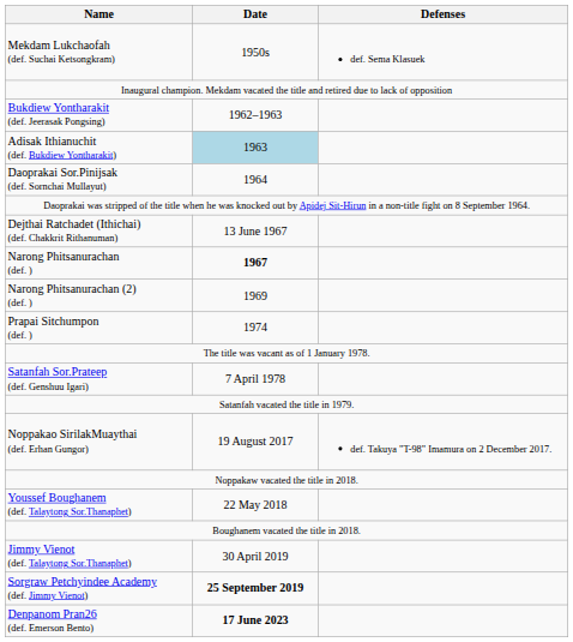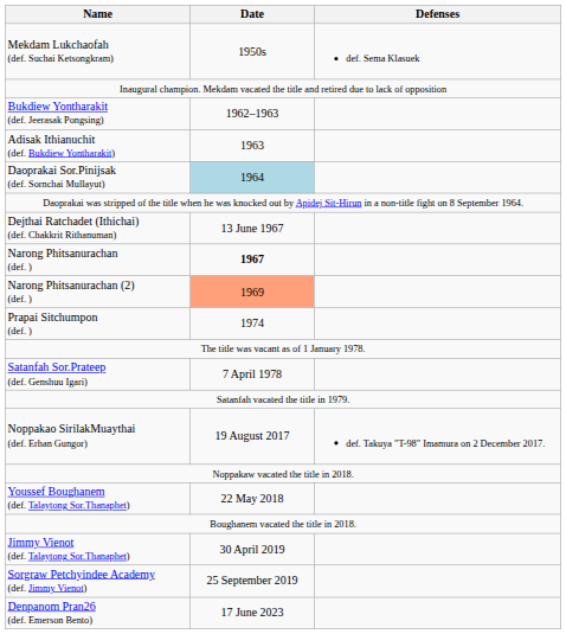 <table class="wikitable" width=60%>
 <tr>
 <th width=30%>Name</th>
 <th width=20%>Date</th>
 <th width=40%>Defenses</th>
 </tr>
 <tr>
 <td align=left> Mekdam Lukchaofah <br><small>(def. Suchai Ketsongkram)</small></td>
 <td align=center>1950s</td>
 <td><br><ul><li><small>def. Sema Klasuek</small></li></ul></td>
 </tr>
 <tr>
 <td colspan=4 align=center><small>Inaugural champion. Mekdam vacated the title and retired due to lack of opposition</small></td>
 </tr>
 <tr>
 <td align=left> <a href='#'>Bukdiew Yontharakit</a><br><small>(def. Jeerasak Pongsing)</small></td>
 <td align=center>1962–1963</td>
 <td></td>
 </tr>
 <tr>
 <td align=left> Adisak Ithianuchit<br><small>(def. <a href='#'>Bukdiew Yontharakit</a>)</small></td>
-<td align=center style="background: lightblue;">1963</td>
+<td align=center>1963</td>
 <td></td>
 </tr>
 <tr>
 <td align=left> Daoprakai Sor.Pinijsak<br><small>(def. Sornchai Mullayut)</small></td>
-<td align=center>1964</td>
+<td align=center style="background: lightblue;">1964</td>
 <td></td>
 </tr>
 <tr>
 <td colspan=4 align=center><small>Daoprakai was stripped of the title when he was knocked out by <a href='#'>Apidej Sit-Hirun</a> in a non-title fight on 8 September 1964.</small></td>
 </tr>
 <tr>
 <td align=left> Dejthai Ratchadet (Ithichai) <br><small>(def. Chakkrit Rithanuman)</small></td>
 <td align=center>13 June 1967</td>
 <td></td>
 </tr>
 <tr>
 <td align=left> Narong Phitsanurachan <br><small>(def. )</small></td>
 <td align=center><strong>1967</strong></td>
 <td></td>
 </tr>
 <tr>
 <td align=left> Narong Phitsanurachan (2)<br><small>(def. )</small></td>
-<td align=center>1969</td>
+<td align=center style="background: lightsalmon;">1969</td>
 <td></td>
 </tr>
 <tr>
 <td align=left> Prapai Sitchumpon <br><small>(def. )</small></td>
 <td align=center>1974</td>
 <td></td>
 </tr>
 <tr>
 <td colspan=4 align=center><small>The title was vacant as of 1 January 1978.</small></td>
 </tr>
 <tr>
 <td align=left> <a href='#'>Satanfah Sor.Prateep</a> <br><small>(def. Genshuu Igari)</small></td>
 <td align=center>7 April 1978</td>
 <td></td>
 </tr>
 <tr>
 <td colspan=4 align=center><small>Satanfah vacated the title in 1979.</small></td>
 </tr>
 <tr>
 <td align=left> Noppakao SirilakMuaythai <br><small>(def. Erhan Gungor)</small></td>
 <td align=center>19 August 2017</td>
 <td><br><ul><li><small>def. Takuya "T-98" Imamura on 2 December 2017.</small></li></ul></td>
 </tr>
 <tr>
 <td colspan=4 align=center><small>Noppakaw vacated the title in 2018.</small></td>
 </tr>
 <tr>
 <td align=left> <a href='#'>Youssef Boughanem</a> <br><small>(def. <a href='#'>Talaytong Sor.Thanaphet</a>)</small></td>
 <td align=center>22 May 2018</td>
 <td></td>
 </tr>
 <tr>
 <td colspan=4 align=center><small>Boughanem vacated the title in 2018.</small></td>
 </tr>
 <tr>
 <td align=left> <a href='#'>Jimmy Vienot</a> <br><small>(def. <a href='#'>Talaytong Sor.Thanaphet</a>)</small></td>
 <td align=center>30 April 2019</td>
 <td></td>
 </tr>
 <tr>
 <td align=left> <a href='#'>Sorgraw Petchyindee Academy</a> <br><small>(def. <a href='#'>Jimmy Vienot</a>)</small></td>
-<td align=center><strong>25 September 2019</strong></td>
+<td align=center>25 September 2019</td>
 <td></td>
 </tr>
 <tr>
 <td align=left> <a href='#'>Denpanom Pran26</a> <br><small>(def. Emerson Bento)</small></td>
-<td align=center><strong>17 June 2023</strong></td>
+<td align=center>17 June 2023</td>
 <td></td>
 </tr>
 </table>
